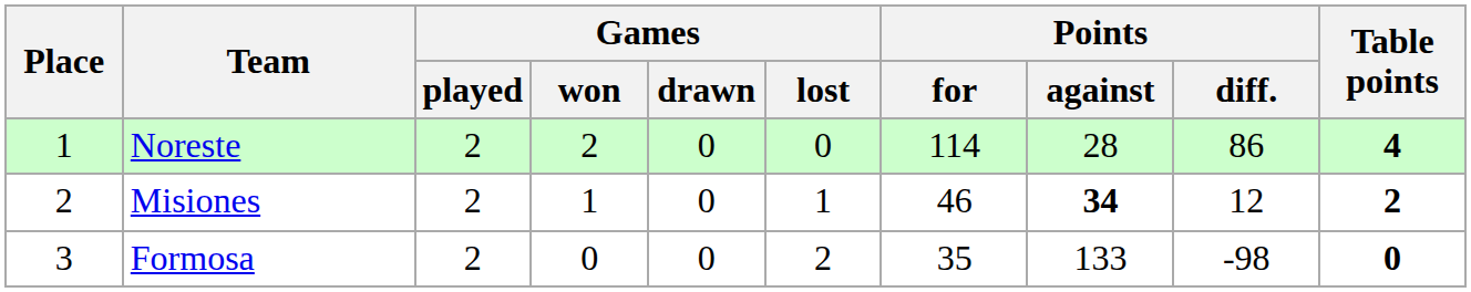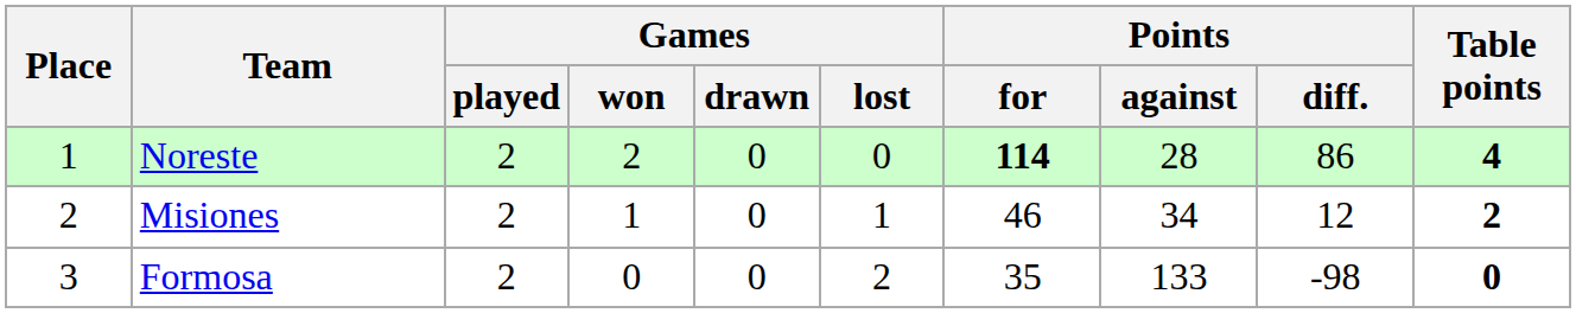 <table class="wikitable">
 <tr>
 <th rowspan=2 width="8%">Place</th>
 <th rowspan=2 width="20%">Team</th>
 <th colspan=4 width="32%">Games</th>
 <th colspan=3 width="30%">Points</th>
 <th rowspan=2 width="10%">Table<br>points</th>
 </tr>
 <tr>
 <th width="8%">played</th>
 <th width="8%">won</th>
 <th width="8%">drawn</th>
 <th width="8%">lost</th>
 <th width="10%">for</th>
 <th width="10%">against</th>
 <th width="10%">diff.</th>
 </tr>
 <tr align=center style="background: #ccffcc;">
 <td>1</td>
 <td align=left><a href='#'>Noreste</a></td>
 <td>2</td>
 <td>2</td>
 <td>0</td>
 <td>0</td>
-<td>114</td>
+<td><strong>114</strong></td>
 <td>28</td>
 <td>86</td>
 <td><strong>4</strong></td>
 </tr>
 <tr align=center style="background: #ffffff;">
 <td>2</td>
 <td align=left><a href='#'>Misiones</a></td>
 <td>2</td>
 <td>1</td>
 <td>0</td>
 <td>1</td>
 <td>46</td>
-<td><strong>34</strong></td>
+<td>34</td>
 <td>12</td>
 <td><strong>2</strong></td>
 </tr>
 <tr align=center style="background: #ffffff;">
 <td>3</td>
 <td align=left><a href='#'>Formosa</a></td>
 <td>2</td>
 <td>0</td>
 <td>0</td>
 <td>2</td>
 <td>35</td>
 <td>133</td>
 <td>-98</td>
 <td><strong>0</strong></td>
 </tr>
 </table>
